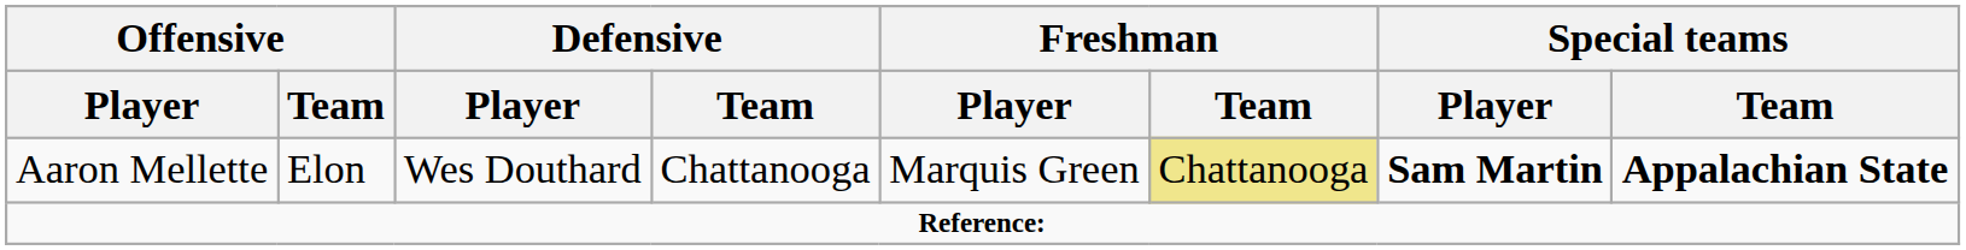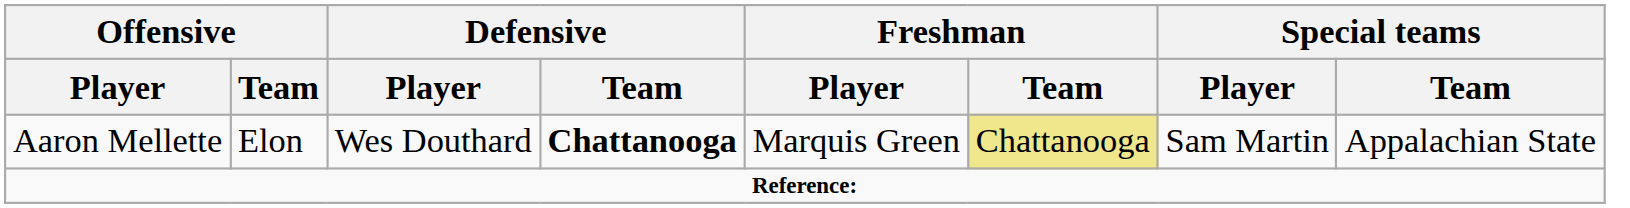 <table class="wikitable" border="1">
 <tr>
 <th colspan="2">Offensive</th>
 <th colspan="2">Defensive</th>
 <th colspan="2">Freshman</th>
 <th colspan="2">Special teams</th>
 </tr>
 <tr>
 <th>Player</th>
 <th>Team</th>
 <th>Player</th>
 <th>Team</th>
 <th>Player</th>
 <th>Team</th>
 <th>Player</th>
 <th>Team</th>
 </tr>
 <tr>
 <td>Aaron Mellette</td>
 <td>Elon</td>
 <td>Wes Douthard</td>
-<td>Chattanooga</td>
+<td><strong>Chattanooga</strong></td>
 <td>Marquis Green</td>
 <td style="background: khaki;">Chattanooga</td>
-<td><strong>Sam Martin</strong></td>
-<td><strong>Appalachian State</strong></td>
+<td>Sam Martin</td>
+<td>Appalachian State</td>
 </tr>
 <tr>
 <td colspan="8" style="font-size: 8pt" align="center"><strong>Reference:</strong></td>
 </tr>
 </table>
